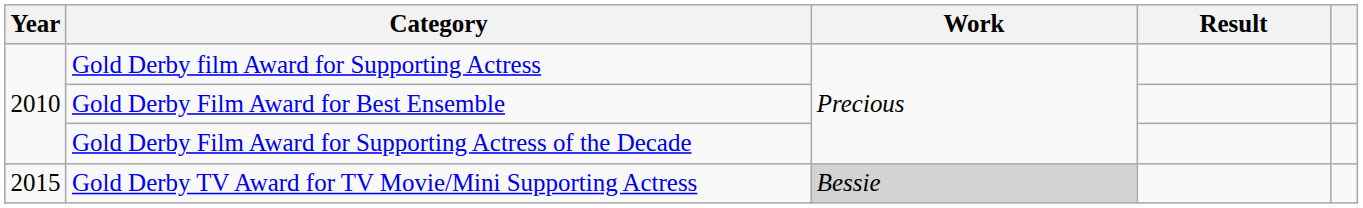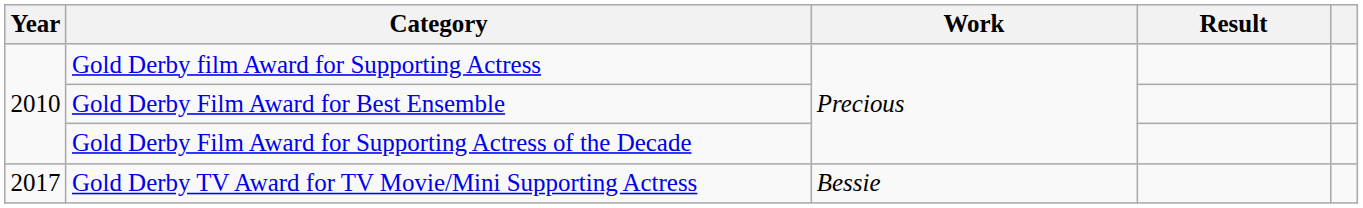 <table class="wikitable">
 <tr>
 <th scope="col" style="width:1em;">Year</th>
 <th scope="col" style="width:44em;">Category</th>
 <th scope="col" style="width:18em;">Work</th>
 <th scope="col" style="width:10em;">Result</th>
 <th class="unsortable" style="width:1em;"></th>
 </tr>
 <tr>
 <td rowspan="3">2010</td>
 <td><a href='#'>Gold Derby film Award for Supporting Actress</a></td>
 <td rowspan="3"><em>Precious</em></td>
 <td></td>
 <td></td>
 </tr>
 <tr>
 <td><a href='#'>Gold Derby Film Award for Best Ensemble</a> </td>
 <td></td>
 <td></td>
 </tr>
 <tr>
 <td><a href='#'>Gold Derby Film Award for Supporting Actress of the Decade</a></td>
 <td></td>
 <td></td>
 </tr>
 <tr>
-<td>2015</td>
+<td>2017</td>
 <td><a href='#'>Gold Derby TV Award for TV Movie/Mini Supporting Actress</a> </td>
-<td style="background: lightgrey;"><em>Bessie</em></td>
+<td><em>Bessie</em></td>
 <td></td>
 <td></td>
 </tr>
 </table>
